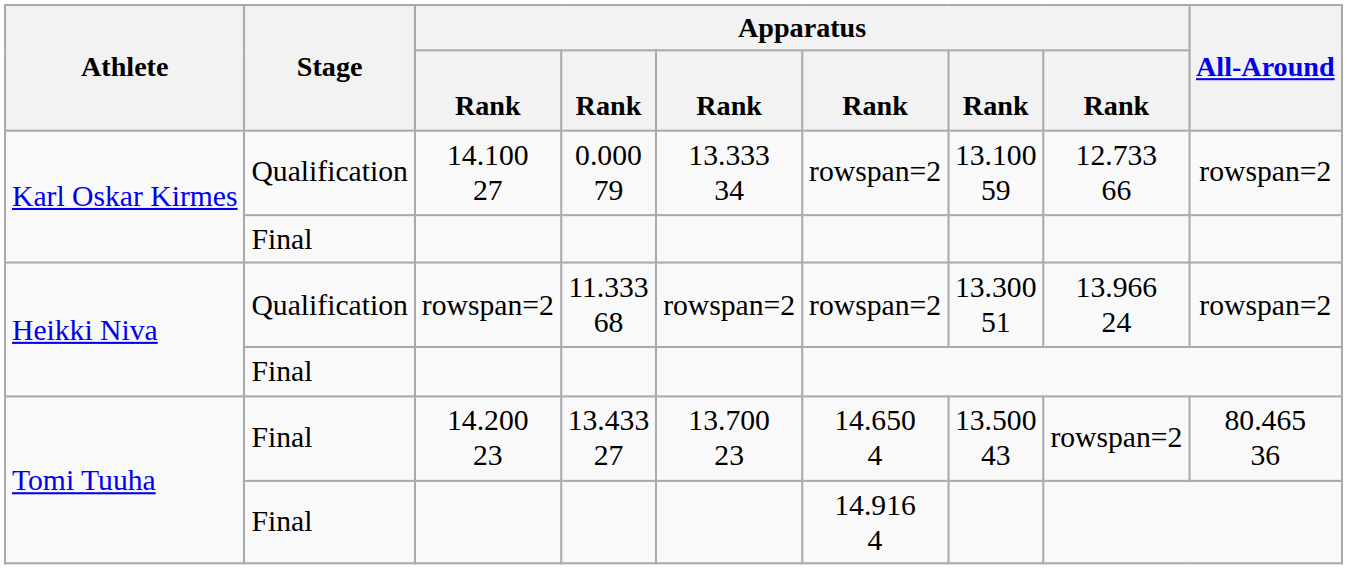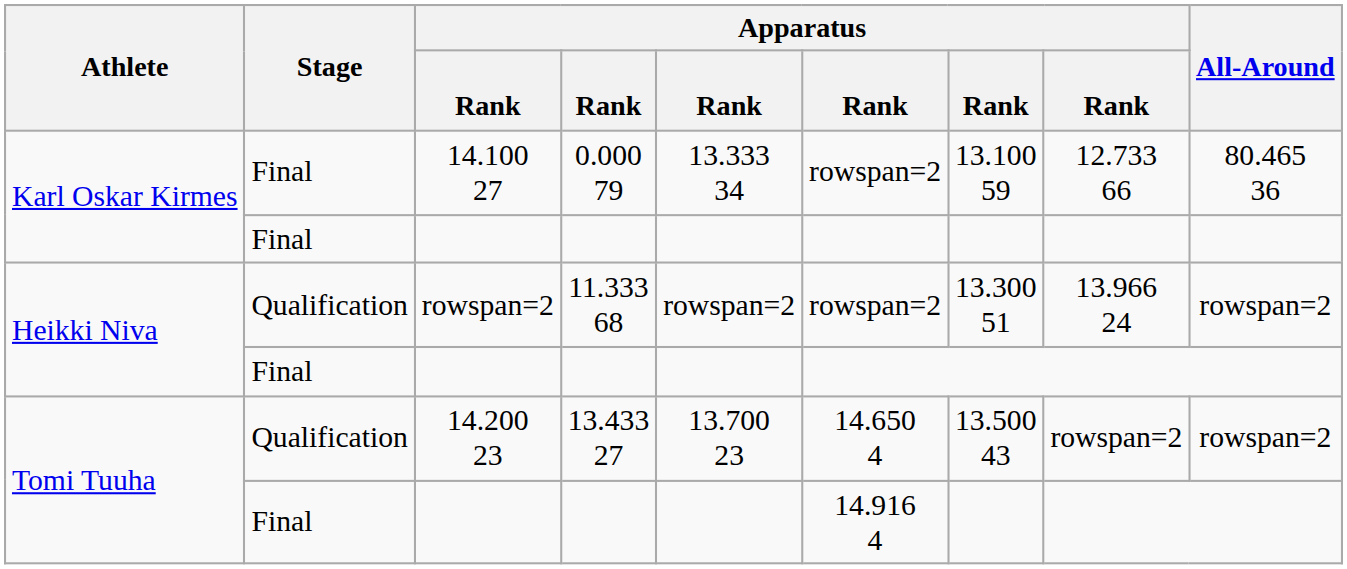 <table class="wikitable" style="font-size:90%">
 <tr style="font-size:95%">
 <th rowspan=2>Athlete</th>
 <th rowspan=2>Stage</th>
 <th colspan=6>Apparatus</th>
 <th rowspan=2><a href='#'>All-Around</a></th>
 </tr>
 <tr style="font-size:95%">
 <th><a href='#'></a><br>Rank</th>
 <th><a href='#'></a><br>Rank</th>
 <th><a href='#'></a><br>Rank</th>
 <th><a href='#'></a><br>Rank</th>
 <th><a href='#'></a><br>Rank</th>
 <th><a href='#'></a><br>Rank</th>
 </tr>
 <tr align=center>
 <td align=left rowspan=2><a href='#'>Karl Oskar Kirmes</a></td>
-<td align=left>Qualification</td>
+<td align=left>Final</td>
 <td>14.100<br>27</td>
 <td>0.000<br>79</td>
 <td>13.333<br>34</td>
 <td>rowspan=2 </td>
 <td>13.100<br>59</td>
 <td>12.733<br>66</td>
-<td>rowspan=2 </td>
+<td>80.465<br>36</td>
 </tr>
 <tr align=center>
 <td align=left>Final</td>
 <td></td>
 <td></td>
 <td></td>
 <td></td>
 <td></td>
 <td></td>
 </tr>
 <tr align=center>
 <td align=left rowspan=2><a href='#'>Heikki Niva</a></td>
 <td align=left>Qualification</td>
 <td>rowspan=2 </td>
 <td>11.333<br>68</td>
 <td>rowspan=2 </td>
 <td>rowspan=2 </td>
 <td>13.300<br>51</td>
 <td>13.966<br>24</td>
 <td>rowspan=2 </td>
 </tr>
 <tr align=center>
 <td align=left>Final</td>
 <td></td>
 <td></td>
 <td></td>
 </tr>
 <tr align=center>
 <td align=left rowspan=2><a href='#'>Tomi Tuuha</a></td>
-<td align=left>Final</td>
+<td align=left>Qualification</td>
 <td>14.200<br>23</td>
 <td>13.433<br>27</td>
 <td>13.700<br>23</td>
 <td>14.650<br>4 </td>
 <td>13.500<br>43</td>
 <td>rowspan=2 </td>
-<td>80.465<br>36</td>
+<td>rowspan=2 </td>
 </tr>
 <tr align=center>
 <td align=left>Final</td>
 <td></td>
 <td></td>
 <td></td>
 <td>14.916<br>4</td>
 <td></td>
 </tr>
 </table>
